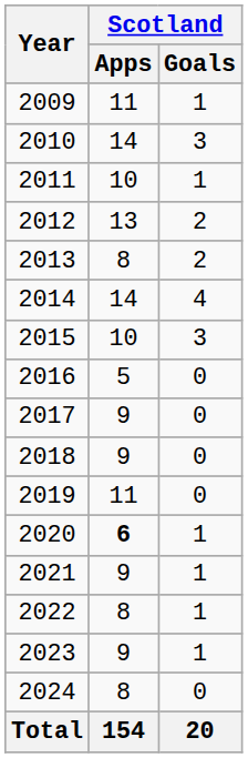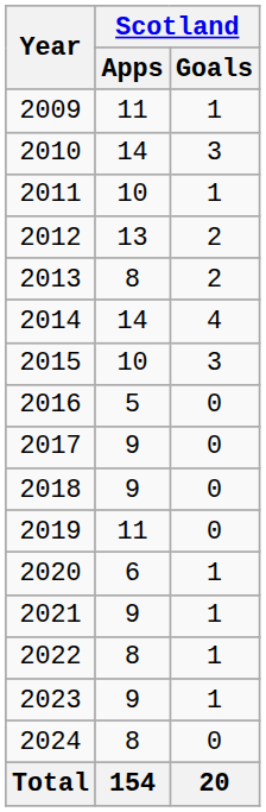 <table class="wikitable" style="text-align:center">
 <tr>
 <th rowspan=2>Year</th>
 <th colspan=2><a href='#'>Scotland</a></th>
 </tr>
 <tr>
 <th>Apps</th>
 <th>Goals</th>
 </tr>
 <tr>
 <td>2009</td>
 <td>11</td>
 <td>1</td>
 </tr>
 <tr>
 <td>2010</td>
 <td>14</td>
 <td>3</td>
 </tr>
 <tr>
 <td>2011</td>
 <td>10</td>
 <td>1</td>
 </tr>
 <tr>
 <td>2012</td>
 <td>13</td>
 <td>2</td>
 </tr>
 <tr>
 <td>2013</td>
 <td>8</td>
 <td>2</td>
 </tr>
 <tr>
 <td>2014</td>
 <td>14</td>
 <td>4</td>
 </tr>
 <tr>
 <td>2015</td>
 <td>10</td>
 <td>3</td>
 </tr>
 <tr>
 <td>2016</td>
 <td>5</td>
 <td>0</td>
 </tr>
 <tr>
 <td>2017</td>
 <td>9</td>
 <td>0</td>
 </tr>
 <tr>
 <td>2018</td>
 <td>9</td>
 <td>0</td>
 </tr>
 <tr>
 <td>2019</td>
 <td>11</td>
 <td>0</td>
 </tr>
 <tr>
 <td>2020</td>
-<td><strong>6</strong></td>
+<td>6</td>
 <td>1</td>
 </tr>
 <tr>
 <td>2021</td>
 <td>9</td>
 <td>1</td>
 </tr>
 <tr>
 <td>2022</td>
 <td>8</td>
 <td>1</td>
 </tr>
 <tr>
 <td>2023</td>
 <td>9</td>
 <td>1</td>
 </tr>
 <tr>
 <td>2024</td>
 <td>8</td>
 <td>0</td>
 </tr>
 <tr>
 <th>Total</th>
 <th>154</th>
 <th>20</th>
 </tr>
 </table>
